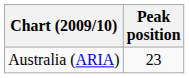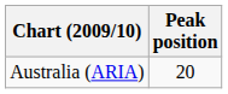 <table class="wikitable">
 <tr>
 <th scope="col">Chart (2009/10)</th>
 <th>Peak<br>position</th>
 </tr>
 <tr>
 <td>Australia (<a href='#'>ARIA</a>)</td>
-<td style="text-align:center;">23</td>
+<td style="text-align:center;">20</td>
 </tr>
 </table>
